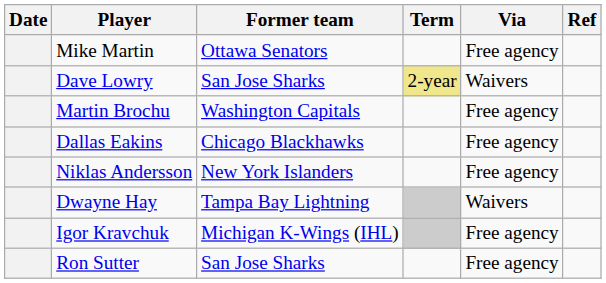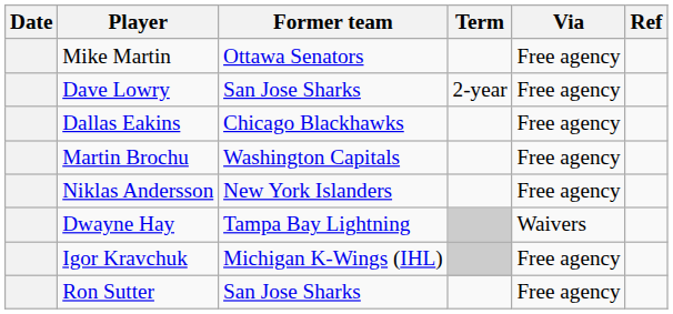 <table class="wikitable plainrowheaders">
 <tr style="background:#ddd; text-align:center;">
 <th>Date</th>
 <th>Player</th>
 <th>Former team</th>
 <th>Term</th>
 <th>Via</th>
 <th>Ref</th>
 </tr>
 <tr>
 <th scope="row"></th>
 <td>Mike Martin</td>
 <td><a href='#'>Ottawa Senators</a></td>
 <td></td>
 <td>Free agency</td>
 <td></td>
 </tr>
 <tr>
 <th scope="row"></th>
 <td><a href='#'>Dave Lowry</a></td>
 <td><a href='#'>San Jose Sharks</a></td>
-<td style="background: khaki;">2-year</td>
-<td>Waivers</td>
-<td></td>
-</tr>
-<tr>
-<th scope="row"></th>
-<td><a href='#'>Martin Brochu</a></td>
-<td><a href='#'>Washington Capitals</a></td>
-<td></td>
+<td>2-year</td>
 <td>Free agency</td>
 <td></td>
 </tr>
 <tr>
 <th scope="row"></th>
 <td><a href='#'>Dallas Eakins</a></td>
 <td><a href='#'>Chicago Blackhawks</a></td>
+<td></td>
+<td>Free agency</td>
+<td></td>
+</tr>
+<tr>
+<th scope="row"></th>
+<td><a href='#'>Martin Brochu</a></td>
+<td><a href='#'>Washington Capitals</a></td>
 <td></td>
 <td>Free agency</td>
 <td></td>
 </tr>
 <tr>
 <th scope="row"></th>
 <td><a href='#'>Niklas Andersson</a></td>
 <td><a href='#'>New York Islanders</a></td>
 <td></td>
 <td>Free agency</td>
 <td></td>
 </tr>
 <tr>
 <th scope="row"></th>
 <td><a href='#'>Dwayne Hay</a></td>
 <td><a href='#'>Tampa Bay Lightning</a></td>
 <td style="background:#ccc"></td>
 <td>Waivers</td>
 <td></td>
 </tr>
 <tr>
 <th scope="row"></th>
 <td><a href='#'>Igor Kravchuk</a></td>
 <td><a href='#'>Michigan K-Wings</a> (<a href='#'>IHL</a>)</td>
 <td style="background:#ccc"></td>
 <td>Free agency</td>
 <td></td>
 </tr>
 <tr>
 <th scope="row"></th>
 <td><a href='#'>Ron Sutter</a></td>
 <td><a href='#'>San Jose Sharks</a></td>
 <td></td>
 <td>Free agency</td>
 <td></td>
 </tr>
 </table>
